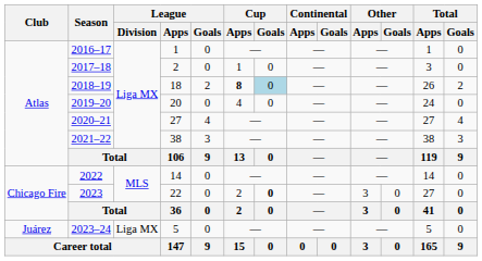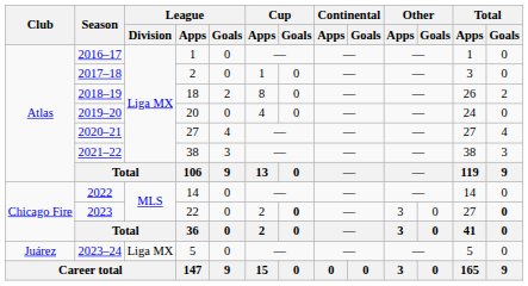 <table class="wikitable" style="text-align:center">
 <tr>
 <th rowspan="2">Club</th>
 <th rowspan="2">Season</th>
 <th colspan="3">League</th>
 <th colspan="2">Cup</th>
 <th colspan="2">Continental</th>
 <th colspan="2">Other</th>
 <th colspan="2">Total</th>
 </tr>
 <tr>
 <th>Division</th>
 <th>Apps</th>
 <th>Goals</th>
 <th>Apps</th>
 <th>Goals</th>
 <th>Apps</th>
 <th>Goals</th>
 <th>Apps</th>
 <th>Goals</th>
 <th>Apps</th>
 <th>Goals</th>
 </tr>
 <tr>
 <td rowspan="7"><a href='#'>Atlas</a></td>
 <td><a href='#'>2016–17</a></td>
 <td rowspan="6"><a href='#'>Liga MX</a></td>
 <td>1</td>
 <td>0</td>
 <td colspan=2>—</td>
 <td colspan=2>—</td>
 <td colspan=2>—</td>
 <td>1</td>
 <td>0</td>
 </tr>
 <tr>
 <td><a href='#'>2017–18</a></td>
 <td>2</td>
 <td>0</td>
 <td>1</td>
 <td>0</td>
 <td colspan=2>—</td>
 <td colspan=2>—</td>
 <td>3</td>
 <td>0</td>
 </tr>
 <tr>
 <td><a href='#'>2018–19</a></td>
 <td>18</td>
 <td>2</td>
-<td><strong>8</strong></td>
-<td style="background: lightblue;">0</td>
+<td>8</td>
+<td>0</td>
 <td colspan=2>—</td>
 <td colspan=2>—</td>
 <td>26</td>
 <td>2</td>
 </tr>
 <tr>
 <td><a href='#'>2019–20</a></td>
 <td>20</td>
 <td>0</td>
 <td>4</td>
 <td>0</td>
 <td colspan=2>—</td>
 <td colspan=2>—</td>
 <td>24</td>
 <td>0</td>
 </tr>
 <tr>
 <td><a href='#'>2020–21</a></td>
 <td>27</td>
 <td>4</td>
 <td colspan=2>—</td>
 <td colspan=2>—</td>
 <td colspan=2>—</td>
 <td>27</td>
 <td>4</td>
 </tr>
 <tr>
 <td><a href='#'>2021–22</a></td>
 <td>38</td>
 <td>3</td>
 <td colspan=2>—</td>
 <td colspan=2>—</td>
 <td colspan=2>—</td>
 <td>38</td>
 <td>3</td>
 </tr>
 <tr>
 <th colspan="2">Total</th>
 <th>106</th>
 <th>9</th>
 <th>13</th>
 <th>0</th>
 <th colspan=2>—</th>
 <th colspan=2>—</th>
 <th>119</th>
 <th>9</th>
 </tr>
 <tr>
 <td rowspan="3"><a href='#'>Chicago Fire</a></td>
 <td><a href='#'>2022</a></td>
 <td rowspan="2"><a href='#'>MLS</a></td>
 <td>14</td>
 <td>0</td>
 <td colspan=2>—</td>
 <td colspan=2>—</td>
 <td colspan=2>—</td>
 <td>14</td>
 <td>0</td>
 </tr>
 <tr>
 <td><a href='#'>2023</a></td>
 <td>22</td>
 <td>0</td>
 <td>2</td>
 <td><strong>0</strong></td>
 <td colspan=2>—</td>
 <td>3</td>
 <td>0</td>
 <td>27</td>
-<td>0</td>
+<td><strong>0</strong></td>
 </tr>
 <tr>
 <th colspan="2">Total</th>
 <th>36</th>
 <th>0</th>
 <th>2</th>
 <th>0</th>
 <th colspan=2>—</th>
 <th>3</th>
 <th>0</th>
 <th>41</th>
 <th>0</th>
 </tr>
 <tr>
 <td rowspan="1"><a href='#'>Juárez</a></td>
 <td><a href='#'>2023–24</a></td>
 <td rowspan="1">Liga MX</td>
 <td>5</td>
 <td>0</td>
 <td colspan=2>—</td>
 <td colspan=2>—</td>
 <td colspan=2>—</td>
 <td>5</td>
 <td>0</td>
 </tr>
 <tr>
 <th colspan="3">Career total</th>
 <th>147</th>
 <th>9</th>
 <th>15</th>
 <th>0</th>
 <th>0</th>
 <th>0</th>
 <th>3</th>
 <th>0</th>
 <th>165</th>
 <th>9</th>
 </tr>
 </table>
